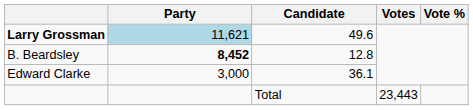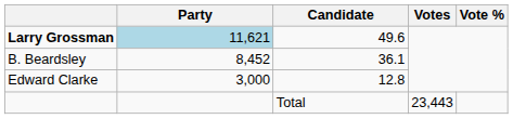 <table class="wikitable">
 <tr>
 <th></th>
 <th scope="col" width="175">Party</th>
 <th scope="col" width="150">Candidate</th>
 <th>Votes</th>
 <th>Vote %</th>
 </tr>
 <tr>
 <td><strong>Larry Grossman</strong></td>
 <td align=right style="background: lightblue;">11,621</td>
 <td align=right>49.6</td>
 </tr>
 <tr |>
 <td>B. Beardsley</td>
-<td align=right><strong>8,452</strong></td>
-<td align=right>12.8<br> </td>
+<td align=right>8,452</td>
+<td align=right>36.1</td>
 </tr>
 <tr |>
 <td>Edward Clarke</td>
 <td align=right>3,000</td>
-<td align=right>36.1</td>
+<td align=right>12.8<br> </td>
 </tr>
 <tr |>
 <td></td>
 <td></td>
 <td>Total</td>
 <td align=right>23,443</td>
 <td></td>
 </tr>
 </table>
